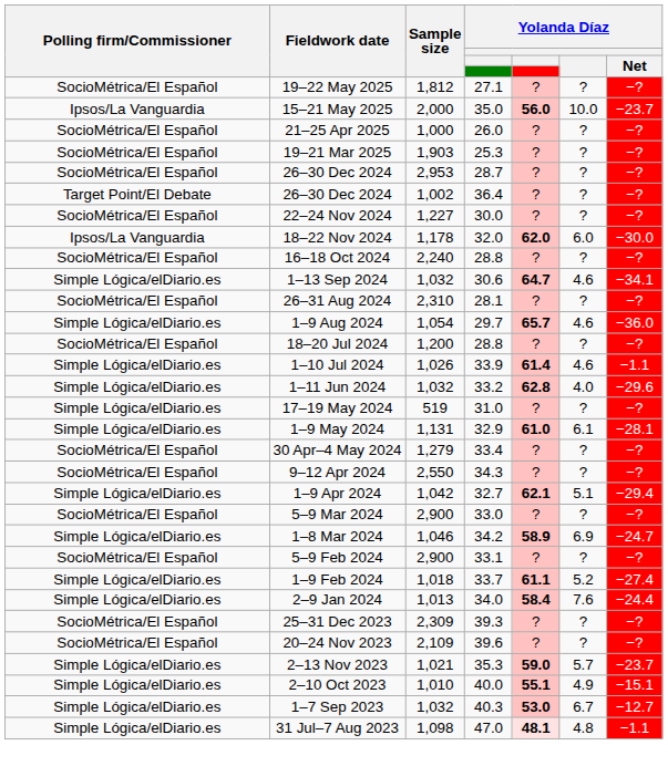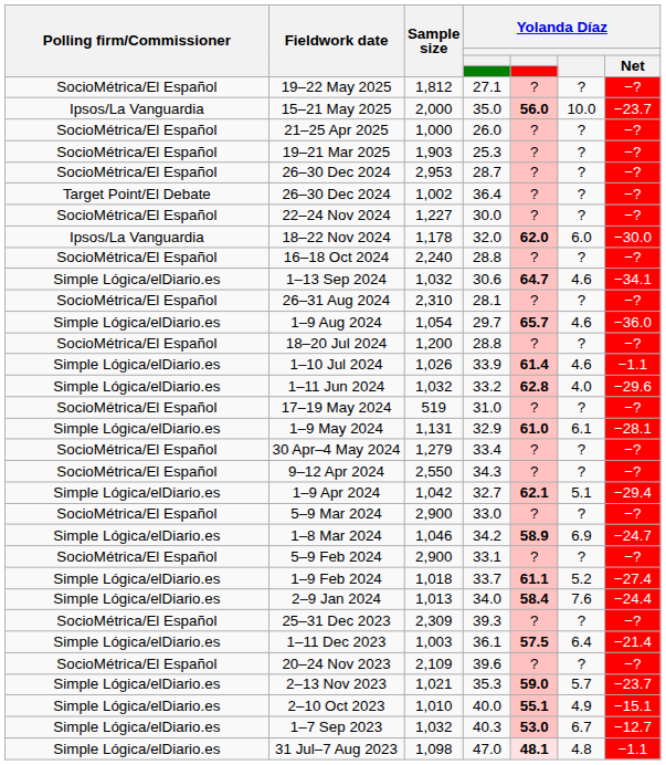 <table class="wikitable collapsible collapsed" style="text-align:center; font-size:90%; line-height:14px;">
 <tr style="height:42px;">
 <th style="width:250px;" rowspan="4">Polling firm/Commissioner</th>
 <th style="width:125px;" rowspan="4">Fieldwork date</th>
 <th style="width:50px;" rowspan="4">Sample size</th>
 <th style="width:185px;" colspan="4"><a href='#'>Yolanda Díaz</a><br></th>
 </tr>
 <tr>
 <th colspan="4" style="background:"></th>
 </tr>
 <tr>
 <th style="width:30px;"></th>
 <th style="width:30px;"></th>
 <th style="width:30px;" rowspan="2"></th>
 <th style="width:30px;" rowspan="2">Net</th>
 </tr>
 <tr>
 <th style="color:inherit;background:#008000;"></th>
 <th style="color:inherit;background:#FF0000;"></th>
 </tr>
 <tr>
 <td>SocioMétrica/El Español</td>
 <td>19–22 May 2025</td>
 <td>1,812</td>
 <td>27.1</td>
 <td style="background:#FFC2C1;">?</td>
 <td>?</td>
 <td style="background:#FF0000; color:white;">−?</td>
 </tr>
 <tr>
 <td>Ipsos/La Vanguardia</td>
 <td>15–21 May 2025</td>
 <td>2,000</td>
 <td>35.0</td>
 <td style="background:#FFC2C1;"><strong>56.0</strong></td>
 <td>10.0</td>
 <td style="background:#FF0000; color:white;">−23.7</td>
 </tr>
 <tr>
 <td>SocioMétrica/El Español</td>
 <td>21–25 Apr 2025</td>
 <td>1,000</td>
 <td>26.0</td>
 <td style="background:#FFC2C1;">?</td>
 <td>?</td>
 <td style="background:#FF0000; color:white;">−?</td>
 </tr>
 <tr>
 <td>SocioMétrica/El Español</td>
 <td>19–21 Mar 2025</td>
 <td>1,903</td>
 <td>25.3</td>
 <td style="background:#FFC2C1;">?</td>
 <td>?</td>
 <td style="background:#FF0000; color:white;">−?</td>
 </tr>
 <tr>
 <td>SocioMétrica/El Español</td>
 <td>26–30 Dec 2024</td>
 <td>2,953</td>
 <td>28.7</td>
 <td style="background:#FFC2C1;">?</td>
 <td>?</td>
 <td style="background:#FF0000; color:white;">−?</td>
 </tr>
 <tr>
 <td>Target Point/El Debate</td>
 <td>26–30 Dec 2024</td>
 <td>1,002</td>
 <td>36.4</td>
 <td style="background:#FFC2C1;">?</td>
 <td>?</td>
 <td style="background:#FF0000; color:white;">−?</td>
 </tr>
 <tr>
 <td>SocioMétrica/El Español</td>
 <td>22–24 Nov 2024</td>
 <td>1,227</td>
 <td>30.0</td>
 <td style="background:#FFC2C1;">?</td>
 <td>?</td>
 <td style="background:#FF0000; color:white;">−?</td>
 </tr>
 <tr>
 <td>Ipsos/La Vanguardia</td>
 <td>18–22 Nov 2024</td>
 <td>1,178</td>
 <td>32.0</td>
 <td style="background:#FFC2C1;"><strong>62.0</strong></td>
 <td>6.0</td>
 <td style="background:#FF0000; color:white;">−30.0</td>
 </tr>
 <tr>
 <td>SocioMétrica/El Español</td>
 <td>16–18 Oct 2024</td>
 <td>2,240</td>
 <td>28.8</td>
 <td style="background:#FFC2C1;">?</td>
 <td>?</td>
 <td style="background:#FF0000; color:white;">−?</td>
 </tr>
 <tr>
 <td>Simple Lógica/elDiario.es</td>
 <td>1–13 Sep 2024</td>
 <td>1,032</td>
 <td>30.6</td>
 <td style="background:#FFC2C1;"><strong>64.7</strong></td>
 <td>4.6</td>
 <td style="background:#FF0000; color:white;">−34.1</td>
 </tr>
 <tr>
 <td>SocioMétrica/El Español</td>
 <td>26–31 Aug 2024</td>
 <td>2,310</td>
 <td>28.1</td>
 <td style="background:#FFC2C1;">?</td>
 <td>?</td>
 <td style="background:#FF0000; color:white;">−?</td>
 </tr>
 <tr>
 <td>Simple Lógica/elDiario.es</td>
 <td>1–9 Aug 2024</td>
 <td>1,054</td>
 <td>29.7</td>
 <td style="background:#FFC2C1;"><strong>65.7</strong></td>
 <td>4.6</td>
 <td style="background:#FF0000; color:white;">−36.0</td>
 </tr>
 <tr>
 <td>SocioMétrica/El Español</td>
 <td>18–20 Jul 2024</td>
 <td>1,200</td>
 <td>28.8</td>
 <td style="background:#FFC2C1;">?</td>
 <td>?</td>
 <td style="background:#FF0000; color:white;">−?</td>
 </tr>
 <tr>
 <td>Simple Lógica/elDiario.es</td>
 <td>1–10 Jul 2024</td>
 <td>1,026</td>
 <td>33.9</td>
 <td style="background:#FFC2C1;"><strong>61.4</strong></td>
 <td>4.6</td>
 <td style="background:#FF0000; color:white;">−1.1</td>
 </tr>
 <tr>
 <td>Simple Lógica/elDiario.es</td>
 <td>1–11 Jun 2024</td>
 <td>1,032</td>
 <td>33.2</td>
 <td style="background:#FFC2C1;"><strong>62.8</strong></td>
 <td>4.0</td>
 <td style="background:#FF0000; color:white;">−29.6</td>
 </tr>
 <tr>
-<td>Simple Lógica/elDiario.es</td>
+<td>SocioMétrica/El Español</td>
 <td>17–19 May 2024</td>
 <td>519</td>
 <td>31.0</td>
 <td style="background:#FFC2C1;">?</td>
 <td>?</td>
 <td style="background:#FF0000; color:white;">−?</td>
 </tr>
 <tr>
 <td>Simple Lógica/elDiario.es</td>
 <td>1–9 May 2024</td>
 <td>1,131</td>
 <td>32.9</td>
 <td style="background:#FFC2C1;"><strong>61.0</strong></td>
 <td>6.1</td>
 <td style="background:#FF0000; color:white;">−28.1</td>
 </tr>
 <tr>
 <td>SocioMétrica/El Español</td>
 <td>30 Apr–4 May 2024</td>
 <td>1,279</td>
 <td>33.4</td>
 <td style="background:#FFC2C1;">?</td>
 <td>?</td>
 <td style="background:#FF0000; color:white;">−?</td>
 </tr>
 <tr>
 <td>SocioMétrica/El Español</td>
 <td>9–12 Apr 2024</td>
 <td>2,550</td>
 <td>34.3</td>
 <td style="background:#FFC2C1;">?</td>
 <td>?</td>
 <td style="background:#FF0000; color:white;">−?</td>
 </tr>
 <tr>
 <td>Simple Lógica/elDiario.es</td>
 <td>1–9 Apr 2024</td>
 <td>1,042</td>
 <td>32.7</td>
 <td style="background:#FFC2C1;"><strong>62.1</strong></td>
 <td>5.1</td>
 <td style="background:#FF0000; color:white;">−29.4</td>
 </tr>
 <tr>
 <td>SocioMétrica/El Español</td>
 <td>5–9 Mar 2024</td>
 <td>2,900</td>
 <td>33.0</td>
 <td style="background:#FFC2C1;">?</td>
 <td>?</td>
 <td style="background:#FF0000; color:white;">−?</td>
 </tr>
 <tr>
 <td>Simple Lógica/elDiario.es</td>
 <td>1–8 Mar 2024</td>
 <td>1,046</td>
 <td>34.2</td>
 <td style="background:#FFC2C1;"><strong>58.9</strong></td>
 <td>6.9</td>
 <td style="background:#FF0000; color:white;">−24.7</td>
 </tr>
 <tr>
 <td>SocioMétrica/El Español</td>
 <td>5–9 Feb 2024</td>
 <td>2,900</td>
 <td>33.1</td>
 <td style="background:#FFC2C1;">?</td>
 <td>?</td>
 <td style="background:#FF0000; color:white;">−?</td>
 </tr>
 <tr>
 <td>Simple Lógica/elDiario.es</td>
 <td>1–9 Feb 2024</td>
 <td>1,018</td>
 <td>33.7</td>
 <td style="background:#FFC2C1;"><strong>61.1</strong></td>
 <td>5.2</td>
 <td style="background:#FF0000; color:white;">−27.4</td>
 </tr>
 <tr>
 <td>Simple Lógica/elDiario.es</td>
 <td>2–9 Jan 2024</td>
 <td>1,013</td>
 <td>34.0</td>
 <td style="background:#FFC2C1;"><strong>58.4</strong></td>
 <td>7.6</td>
 <td style="background:#FF0000; color:white;">−24.4</td>
 </tr>
 <tr>
 <td>SocioMétrica/El Español</td>
 <td>25–31 Dec 2023</td>
 <td>2,309</td>
 <td>39.3</td>
 <td style="background:#FFC2C1;">?</td>
 <td>?</td>
 <td style="background:#FF0000; color:white;">−?</td>
 </tr>
 <tr>
+<td>Simple Lógica/elDiario.es</td>
+<td>1–11 Dec 2023</td>
+<td>1,003</td>
+<td>36.1</td>
+<td style="background:#FFC2C1;"><strong>57.5</strong></td>
+<td>6.4</td>
+<td style="background:#FF0000; color:white;">−21.4</td>
+</tr>
+<tr>
 <td>SocioMétrica/El Español</td>
 <td>20–24 Nov 2023</td>
 <td>2,109</td>
 <td>39.6</td>
 <td style="background:#FFC2C1;">?</td>
 <td>?</td>
 <td style="background:#FF0000; color:white;">−?</td>
 </tr>
 <tr>
 <td>Simple Lógica/elDiario.es</td>
 <td>2–13 Nov 2023</td>
 <td>1,021</td>
 <td>35.3</td>
 <td style="background:#FFC2C1;"><strong>59.0</strong></td>
 <td>5.7</td>
 <td style="background:#FF0000; color:white;">−23.7</td>
 </tr>
 <tr>
 <td>Simple Lógica/elDiario.es</td>
 <td>2–10 Oct 2023</td>
 <td>1,010</td>
 <td>40.0</td>
 <td style="background:#FFC2C1;"><strong>55.1</strong></td>
 <td>4.9</td>
 <td style="background:#FF0000; color:white;">−15.1</td>
 </tr>
 <tr>
 <td>Simple Lógica/elDiario.es</td>
 <td>1–7 Sep 2023</td>
 <td>1,032</td>
 <td>40.3</td>
 <td style="background:#FFC2C1;"><strong>53.0</strong></td>
 <td>6.7</td>
 <td style="background:#FF0000; color:white;">−12.7</td>
 </tr>
 <tr>
 <td>Simple Lógica/elDiario.es</td>
 <td>31 Jul–7 Aug 2023</td>
 <td>1,098</td>
 <td>47.0</td>
 <td style="background:#FFE2E1;"><strong>48.1</strong></td>
 <td>4.8</td>
 <td style="background:#FF0000; color:white;">−1.1</td>
 </tr>
 </table>
